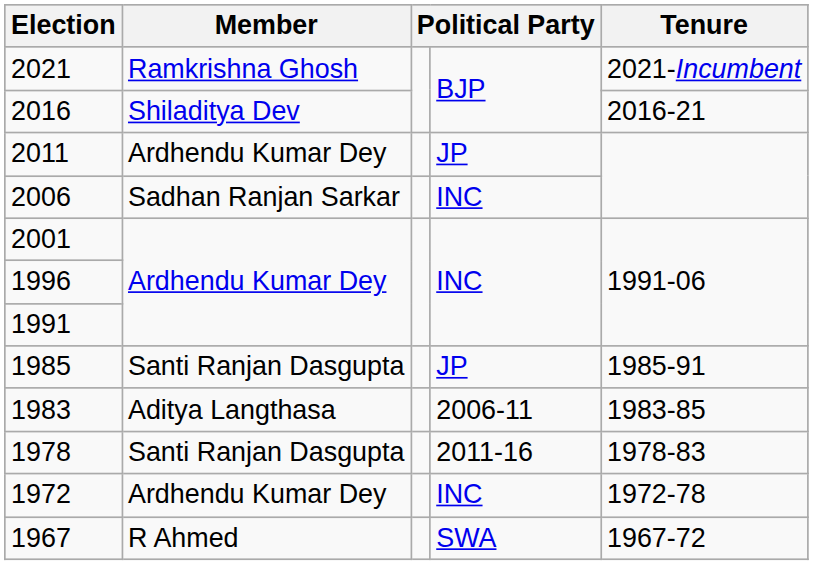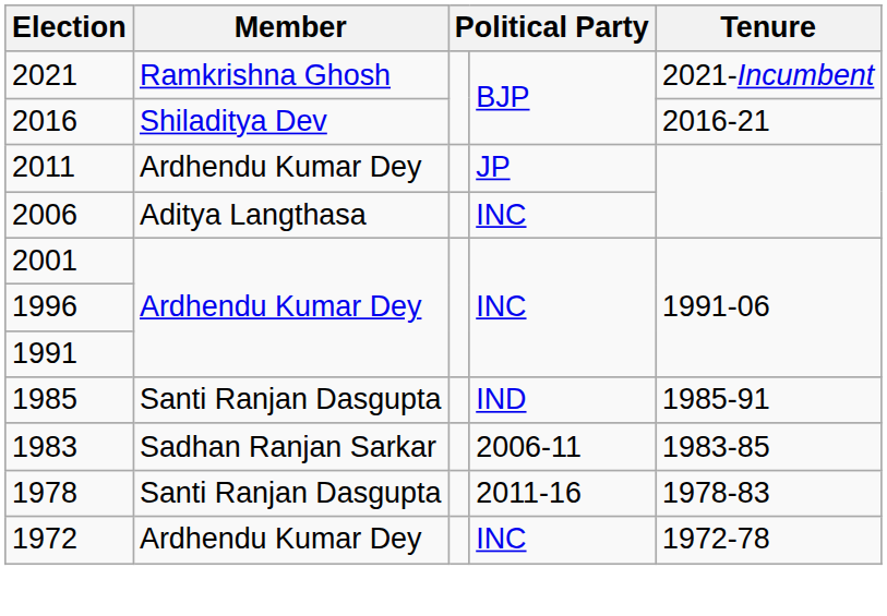 <table class="wikitable sortable">
 <tr>
 <th>Election</th>
 <th>Member</th>
 <th colspan="2">Political Party</th>
 <th>Tenure</th>
 </tr>
 <tr>
 <td>2021</td>
 <td><a href='#'>Ramkrishna Ghosh</a></td>
 <td rowspan=2 style="background-color: "></td>
 <td rowspan=2><a href='#'>BJP</a></td>
 <td>2021-<em><a href='#'>Incumbent</a></em></td>
 </tr>
 <tr>
 <td>2016</td>
 <td><a href='#'>Shiladitya Dev</a></td>
 <td>2016-21</td>
 </tr>
 <tr>
 <td>2011</td>
 <td>Ardhendu Kumar Dey</td>
 <td></td>
 <td><a href='#'>JP</a></td>
 </tr>
 <tr>
 <td>2006</td>
-<td>Sadhan Ranjan Sarkar</td>
+<td>Aditya Langthasa</td>
 <td></td>
 <td><a href='#'>INC</a></td>
 </tr>
 <tr>
 <td>2001</td>
 <td rowspan=3><a href='#'>Ardhendu Kumar Dey</a></td>
 <td rowspan=3 style="background-color:"></td>
 <td rowspan=3><a href='#'>INC</a></td>
 <td rowspan=3>1991-06</td>
 </tr>
 <tr>
 <td>1996</td>
 </tr>
 <tr>
 <td>1991</td>
 </tr>
 <tr>
 <td>1985</td>
 <td>Santi Ranjan Dasgupta</td>
 <td style="background-color:"></td>
-<td><a href='#'>JP</a></td>
+<td><a href='#'>IND</a></td>
 <td>1985-91</td>
 </tr>
 <tr>
 <td>1983</td>
-<td>Aditya Langthasa</td>
+<td>Sadhan Ranjan Sarkar</td>
 <td style="background-color:"></td>
 <td>2006-11</td>
 <td>1983-85</td>
 </tr>
 <tr>
 <td>1978</td>
 <td>Santi Ranjan Dasgupta</td>
 <td style="background-color:"></td>
 <td>2011-16</td>
 <td>1978-83</td>
 </tr>
 <tr>
 <td>1972</td>
 <td>Ardhendu Kumar Dey</td>
 <td style="background-color:"></td>
 <td><a href='#'>INC</a></td>
 <td>1972-78</td>
 </tr>
-<tr>
-<td>1967</td>
-<td>R Ahmed</td>
-<td style="background-color:"></td>
-<td><a href='#'>SWA</a></td>
-<td>1967-72</td>
-</tr>
 </table>
